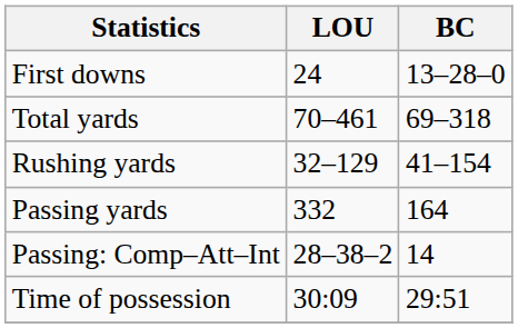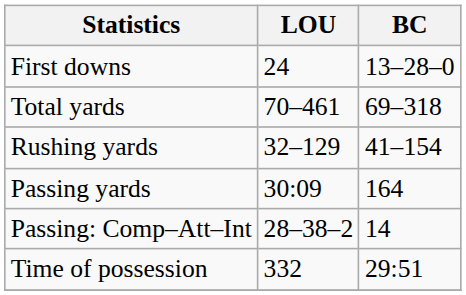 <table class="wikitable" style="float: left;">
 <tr>
 <th>Statistics</th>
 <th>LOU</th>
 <th>BC</th>
 </tr>
 <tr>
 <td>First downs</td>
 <td>24</td>
 <td>13–28–0</td>
 </tr>
 <tr>
 <td>Total yards</td>
 <td>70–461</td>
 <td>69–318</td>
 </tr>
 <tr>
 <td>Rushing yards</td>
 <td>32–129</td>
 <td>41–154</td>
 </tr>
 <tr>
 <td>Passing yards</td>
-<td>332</td>
+<td>30:09</td>
 <td>164</td>
 </tr>
 <tr>
 <td>Passing: Comp–Att–Int</td>
 <td>28–38–2</td>
 <td>14</td>
 </tr>
 <tr>
 <td>Time of possession</td>
-<td>30:09</td>
+<td>332</td>
 <td>29:51</td>
 </tr>
 <tr>
 </tr>
 </table>
